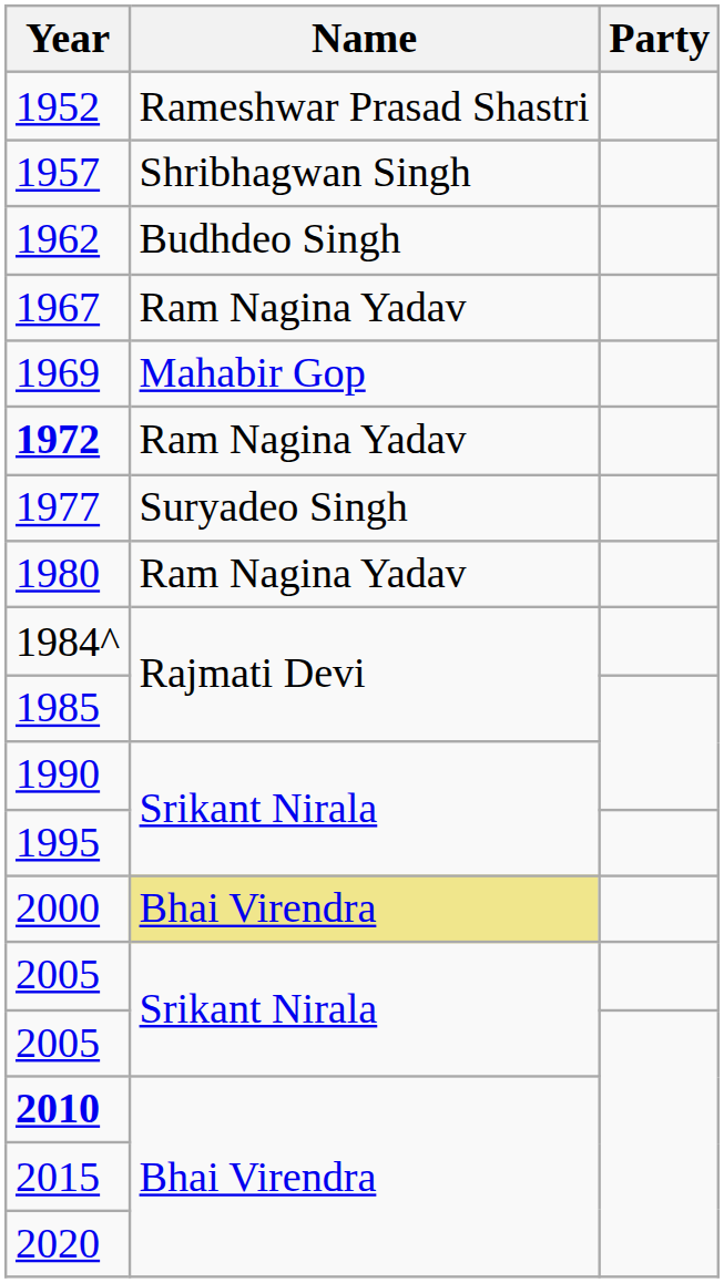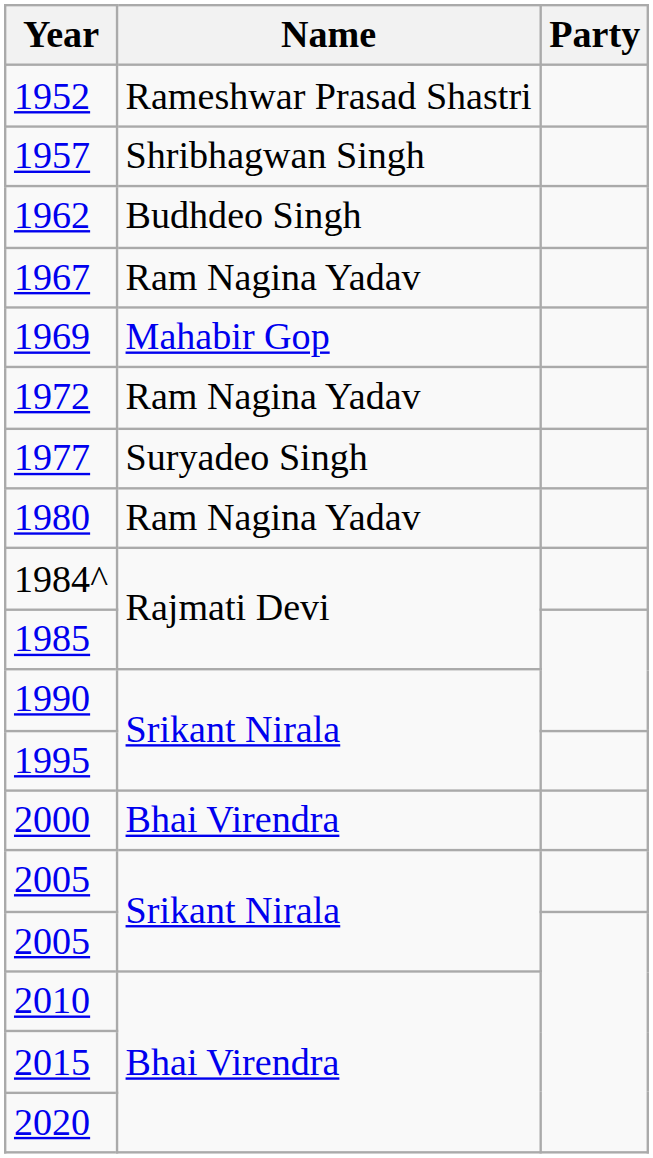 <table class="wikitable sortable">
 <tr>
 <th>Year</th>
 <th>Name</th>
 <th colspan="2">Party</th>
 </tr>
 <tr>
 <td><a href='#'>1952</a></td>
 <td>Rameshwar Prasad Shastri</td>
 <td></td>
 </tr>
 <tr>
 <td><a href='#'>1957</a></td>
 <td>Shribhagwan Singh</td>
 <td></td>
 </tr>
 <tr>
 <td><a href='#'>1962</a></td>
 <td>Budhdeo Singh</td>
 <td></td>
 </tr>
 <tr>
 <td><a href='#'>1967</a></td>
 <td>Ram Nagina Yadav</td>
 <td></td>
 </tr>
 <tr>
 <td><a href='#'>1969</a></td>
 <td><a href='#'>Mahabir Gop</a></td>
 <td></td>
 </tr>
 <tr>
-<td><strong><a href='#'>1972</a></strong></td>
+<td><a href='#'>1972</a></td>
 <td>Ram Nagina Yadav</td>
 <td></td>
 </tr>
 <tr>
 <td><a href='#'>1977</a></td>
 <td>Suryadeo Singh</td>
 <td></td>
 </tr>
 <tr>
 <td><a href='#'>1980</a></td>
 <td>Ram Nagina Yadav</td>
 <td></td>
 </tr>
 <tr>
 <td>1984^</td>
 <td rowspan="2">Rajmati Devi</td>
 <td></td>
 </tr>
 <tr>
 <td><a href='#'>1985</a></td>
 </tr>
 <tr>
 <td><a href='#'>1990</a></td>
 <td rowspan="2"><a href='#'>Srikant Nirala</a></td>
 </tr>
 <tr>
 <td><a href='#'>1995</a></td>
 <td></td>
 </tr>
 <tr>
 <td><a href='#'>2000</a></td>
-<td style="background: khaki;"><a href='#'>Bhai Virendra</a></td>
+<td><a href='#'>Bhai Virendra</a></td>
 <td></td>
 </tr>
 <tr>
 <td><a href='#'>2005</a></td>
 <td rowspan="2"><a href='#'>Srikant Nirala</a></td>
 <td></td>
 </tr>
 <tr>
 <td><a href='#'>2005</a></td>
 </tr>
 <tr>
-<td><strong><a href='#'>2010</a></strong></td>
+<td><a href='#'>2010</a></td>
 <td rowspan="3"><a href='#'>Bhai Virendra</a></td>
 </tr>
 <tr>
 <td><a href='#'>2015</a></td>
 </tr>
 <tr>
 <td><a href='#'>2020</a></td>
 </tr>
 </table>
